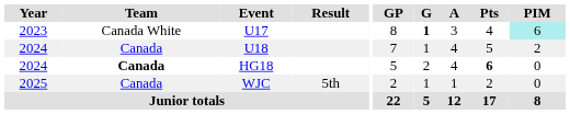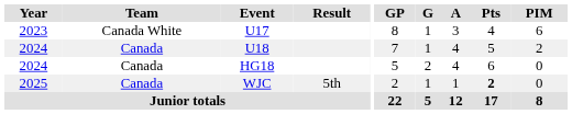 <table border="0" cellpadding="1" cellspacing="0" ID="Table3" style="text-align:center; width:40em;">
 <tr bgcolor="#e0e0e0">
 <th>Year</th>
 <th>Team</th>
 <th>Event</th>
 <th>Result</th>
 <th rowspan="101" bgcolor="#ffffff"></th>
 <th>GP</th>
 <th>G</th>
 <th>A</th>
 <th>Pts</th>
 <th>PIM</th>
 </tr>
 <tr>
 <td><a href='#'>2023</a></td>
 <td>Canada White</td>
 <td><a href='#'>U17</a></td>
 <td></td>
 <td>8</td>
-<td><strong>1</strong></td>
+<td>1</td>
 <td>3</td>
 <td>4</td>
-<td style="background: paleturquoise;">6</td>
+<td>6</td>
 </tr>
 <tr bgcolor="#f0f0f0">
 <td><a href='#'>2024</a></td>
 <td><a href='#'>Canada</a></td>
 <td><a href='#'>U18</a></td>
 <td></td>
 <td>7</td>
 <td>1</td>
 <td>4</td>
 <td>5</td>
 <td>2</td>
 </tr>
 <tr>
 <td><a href='#'>2024</a></td>
-<td><strong>Canada</strong></td>
+<td>Canada</td>
 <td><a href='#'>HG18</a></td>
 <td></td>
 <td>5</td>
 <td>2</td>
 <td>4</td>
-<td><strong>6</strong></td>
+<td>6</td>
 <td>0</td>
 </tr>
 <tr bgcolor="#f0f0f0">
 <td><a href='#'>2025</a></td>
 <td><a href='#'>Canada</a></td>
 <td><a href='#'>WJC</a></td>
 <td>5th</td>
 <td>2</td>
 <td>1</td>
 <td>1</td>
-<td>2</td>
+<td><strong>2</strong></td>
 <td>0</td>
 </tr>
 <tr bgcolor="#e0e0e0">
 <th colspan="4">Junior totals</th>
 <th>22</th>
 <th>5</th>
 <th>12</th>
 <th>17</th>
 <th>8</th>
 </tr>
 </table>
